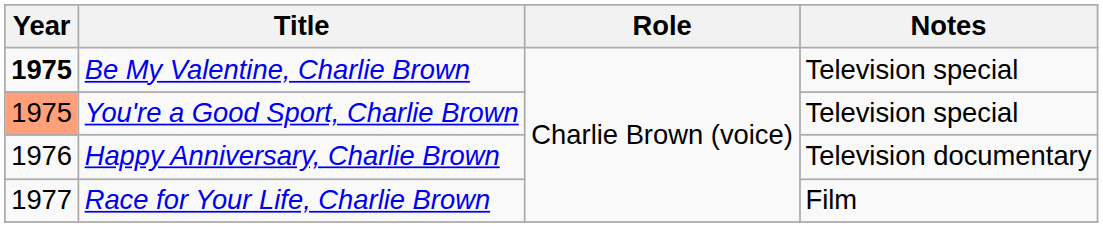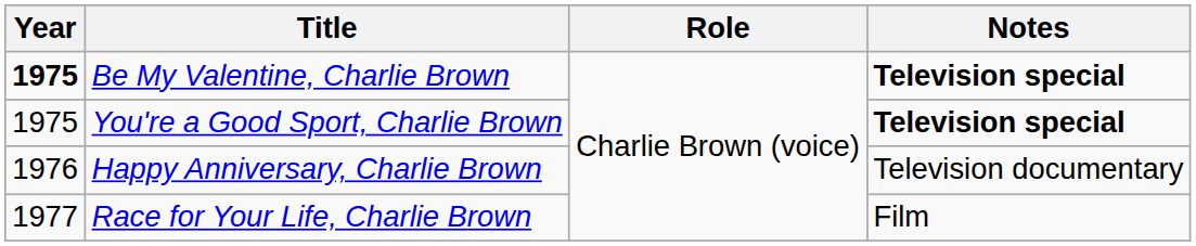 <table class="wikitable sortable">
 <tr>
 <th>Year</th>
 <th>Title</th>
 <th>Role</th>
 <th class="unsortable">Notes</th>
 </tr>
 <tr>
 <td><strong>1975</strong></td>
 <td><em><a href='#'>Be My Valentine, Charlie Brown</a></em></td>
 <td rowspan="4">Charlie Brown (voice)</td>
-<td>Television special</td>
+<td><strong>Television special</strong></td>
 </tr>
 <tr>
-<td style="background: lightsalmon;">1975</td>
+<td>1975</td>
 <td><em><a href='#'>You're a Good Sport, Charlie Brown</a></em></td>
-<td>Television special</td>
+<td><strong>Television special</strong></td>
 </tr>
 <tr>
 <td>1976</td>
 <td><em><a href='#'>Happy Anniversary, Charlie Brown</a></em></td>
 <td>Television documentary</td>
 </tr>
 <tr>
 <td>1977</td>
 <td><em><a href='#'>Race for Your Life, Charlie Brown</a></em></td>
 <td>Film</td>
 </tr>
 </table>
